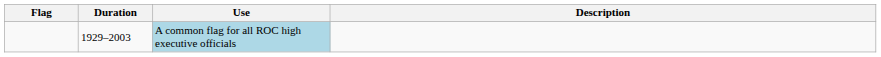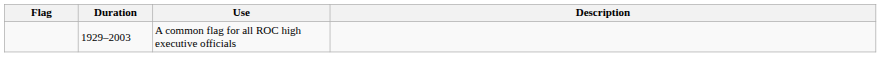 <table class="wikitable" width="100%">
 <tr>
 <th style="width:100px;">Flag</th>
 <th style="width:100px;">Duration</th>
 <th style="width:250px;">Use</th>
 <th style="min-width:250px">Description</th>
 </tr>
 <tr>
 <td></td>
 <td>1929–2003</td>
-<td style="background: lightblue;">A common flag for all ROC high executive officials</td>
+<td>A common flag for all ROC high executive officials</td>
 <td></td>
 </tr>
 </table>
